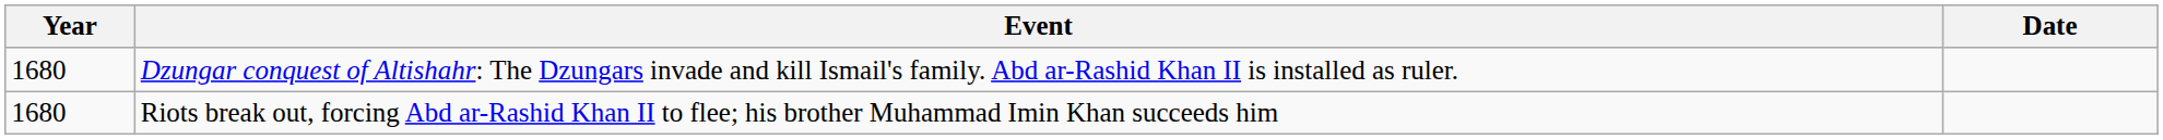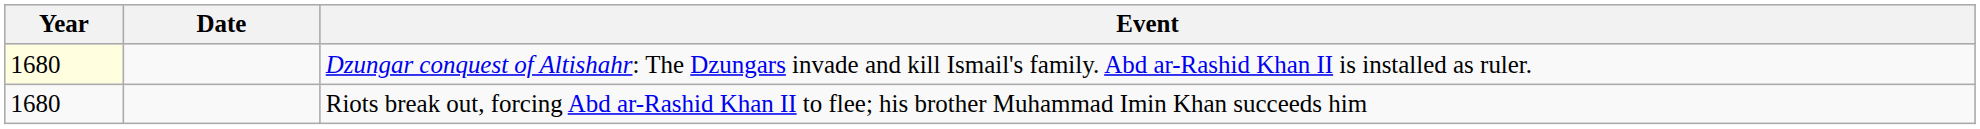 <table class="wikitable" width="100%">
 <tr>
 <th style="width:6%">Year</th>
+<th style="width:10%">Date</th>
 <th>Event</th>
-<th style="width:10%">Date</th>
+</tr>
+<tr>
+<td style="background: lightyellow;">1680</td>
+<td></td>
+<td><em><a href='#'>Dzungar conquest of Altishahr</a></em>: The <a href='#'>Dzungars</a> invade and kill Ismail's family. <a href='#'>Abd ar-Rashid Khan II</a> is installed as ruler.</td>
 </tr>
 <tr>
 <td>1680</td>
-<td><em><a href='#'>Dzungar conquest of Altishahr</a></em>: The <a href='#'>Dzungars</a> invade and kill Ismail's family. <a href='#'>Abd ar-Rashid Khan II</a> is installed as ruler.</td>
 <td></td>
-</tr>
-<tr>
-<td>1680</td>
 <td>Riots break out, forcing <a href='#'>Abd ar-Rashid Khan II</a> to flee; his brother Muhammad Imin Khan succeeds him</td>
-<td></td>
 </tr>
 </table>
